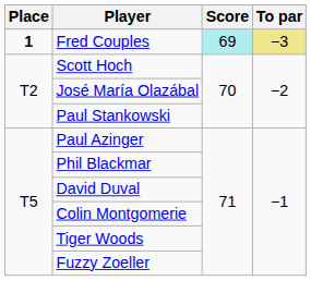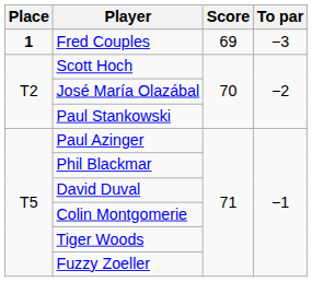 <table class="wikitable">
 <tr>
 <th>Place</th>
 <th>Player</th>
 <th>Score</th>
 <th>To par</th>
 </tr>
 <tr>
 <td align=center><strong>1</strong></td>
 <td> <a href='#'>Fred Couples</a></td>
-<td align=center style="background: paleturquoise;">69</td>
-<td align=center style="background: khaki;">−3</td>
+<td align=center>69</td>
+<td align=center>−3</td>
 </tr>
 <tr>
 <td rowspan="3" align=center>T2</td>
 <td> <a href='#'>Scott Hoch</a></td>
 <td rowspan="3" align=center>70</td>
 <td rowspan="3" align=center>−2</td>
 </tr>
 <tr>
 <td> <a href='#'>José María Olazábal</a></td>
 </tr>
 <tr>
 <td> <a href='#'>Paul Stankowski</a></td>
 </tr>
 <tr>
 <td rowspan="6" align=center>T5</td>
 <td> <a href='#'>Paul Azinger</a></td>
 <td rowspan="6" align=center>71</td>
 <td rowspan="6" align=center>−1</td>
 </tr>
 <tr>
 <td> <a href='#'>Phil Blackmar</a></td>
 </tr>
 <tr>
 <td> <a href='#'>David Duval</a></td>
 </tr>
 <tr>
 <td> <a href='#'>Colin Montgomerie</a></td>
 </tr>
 <tr>
 <td> <a href='#'>Tiger Woods</a></td>
 </tr>
 <tr>
 <td> <a href='#'>Fuzzy Zoeller</a></td>
 </tr>
 </table>
